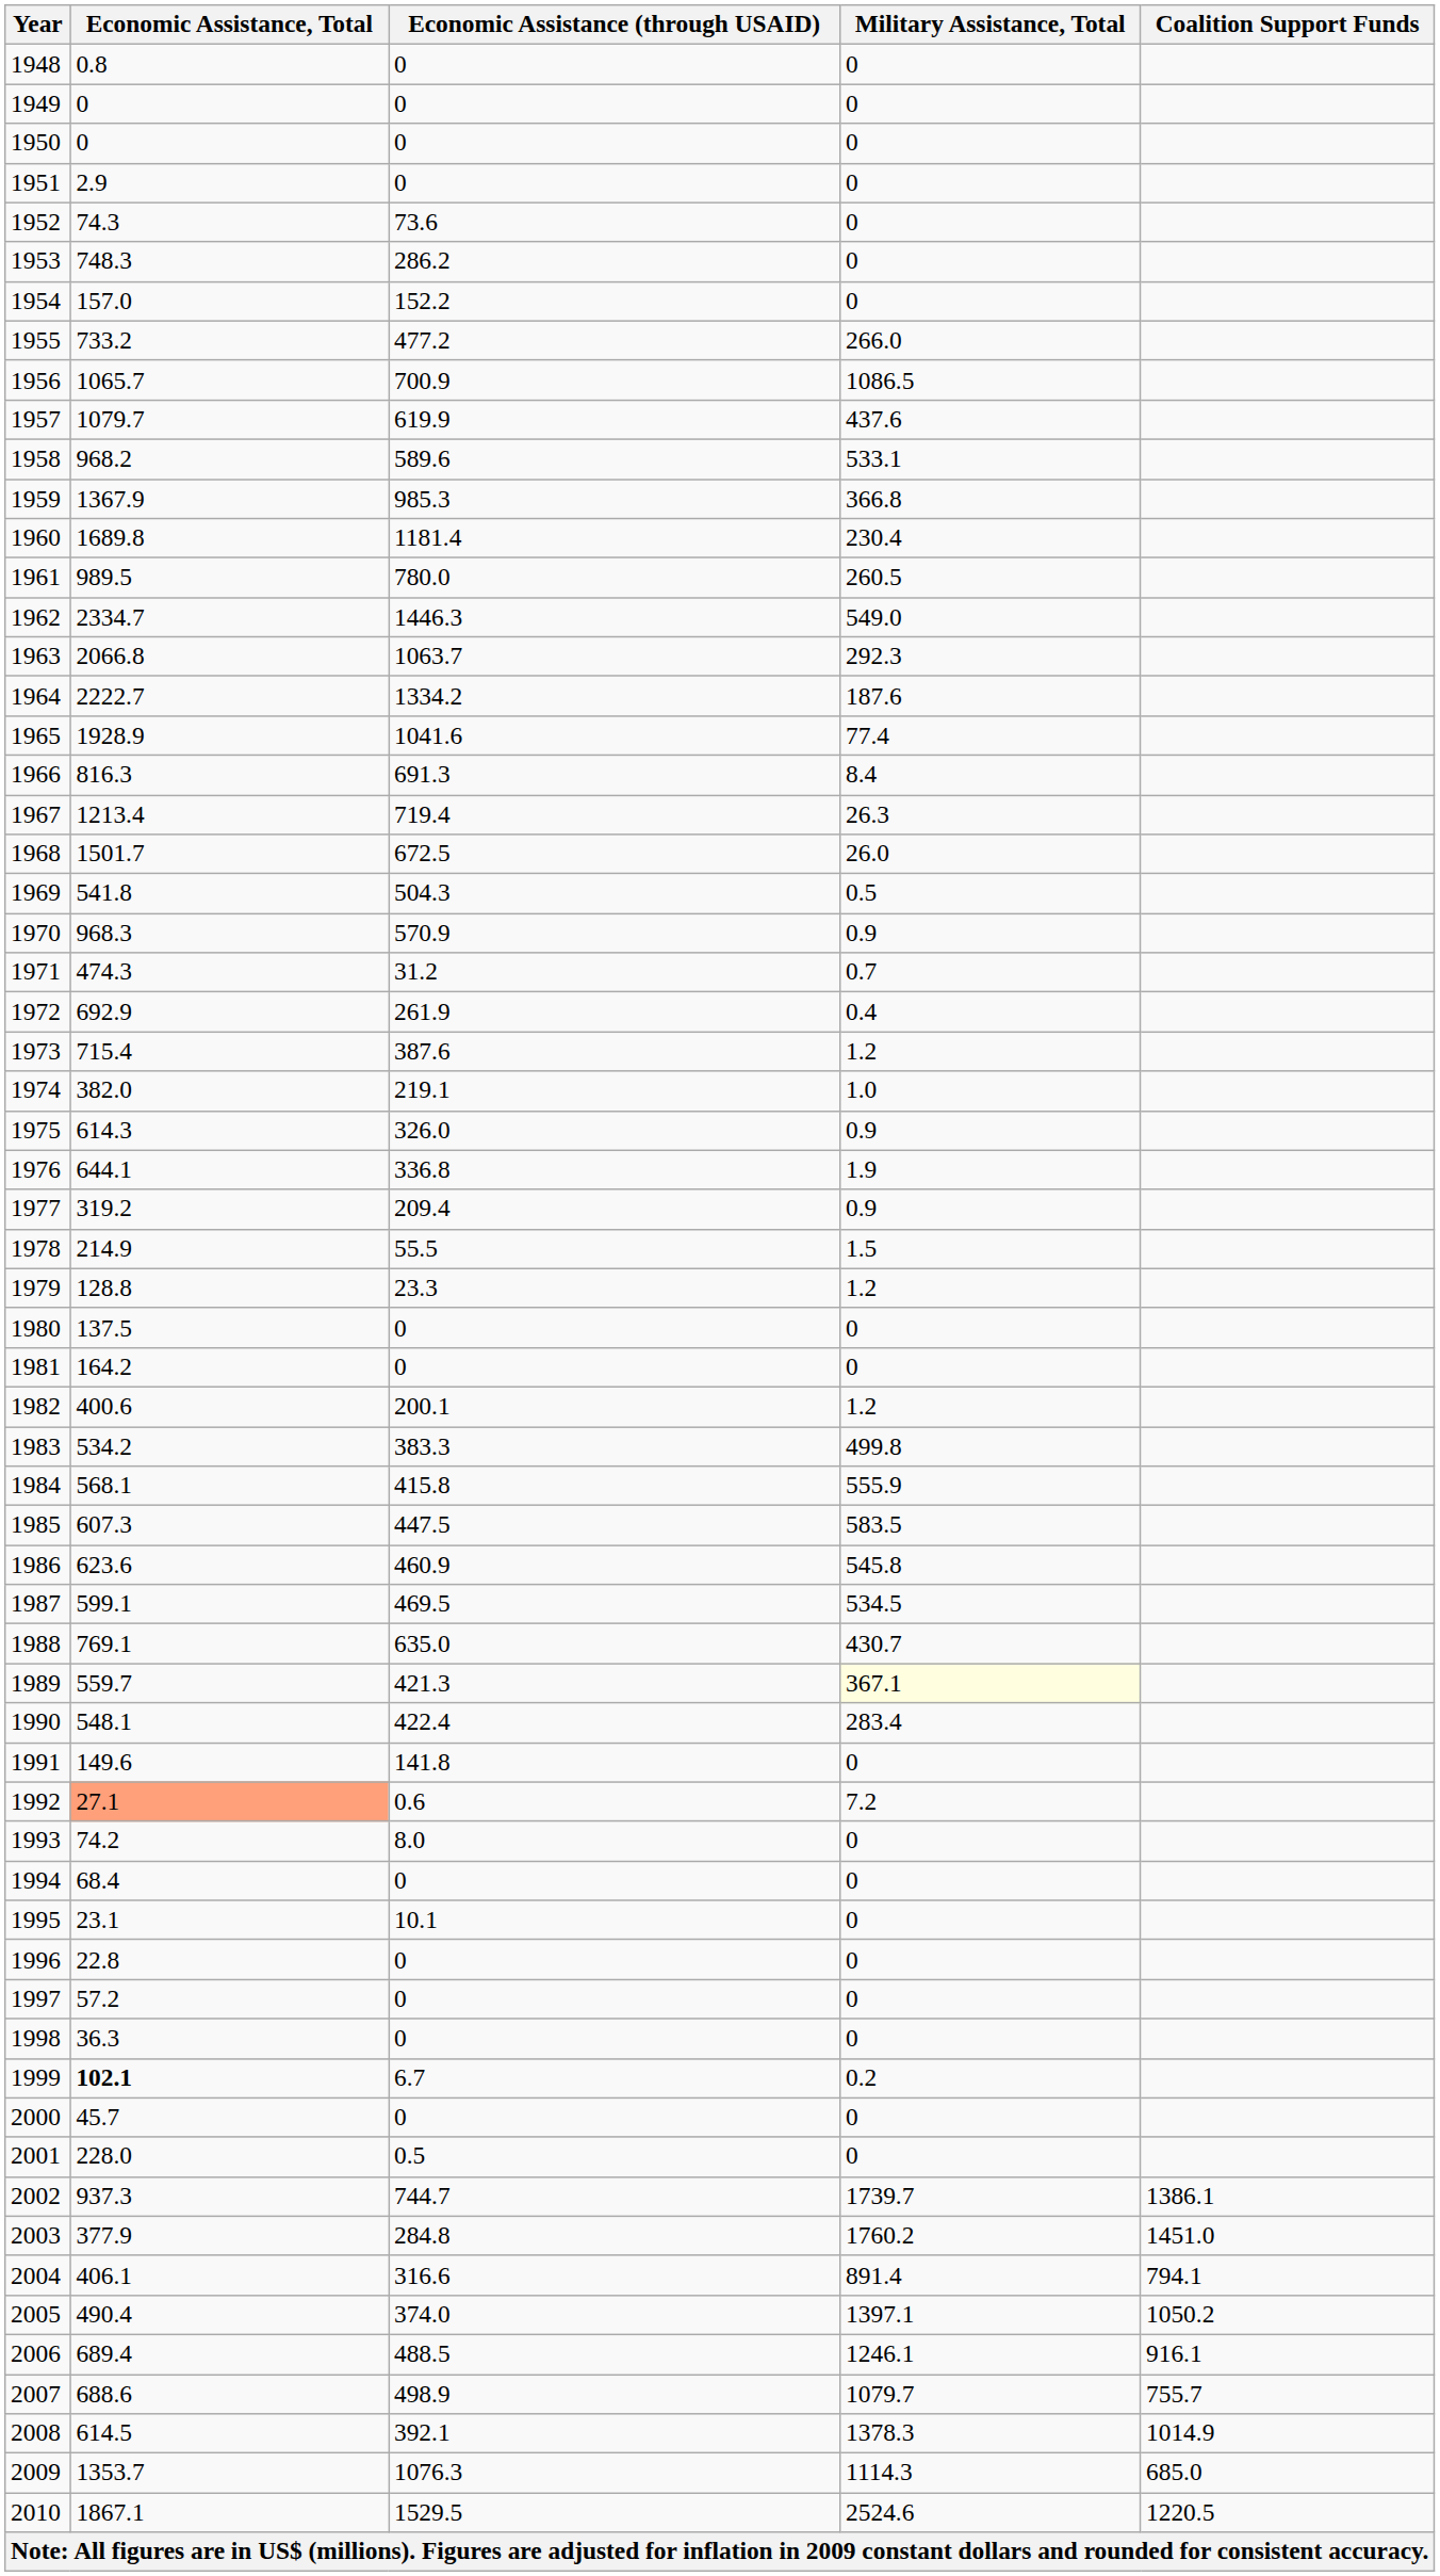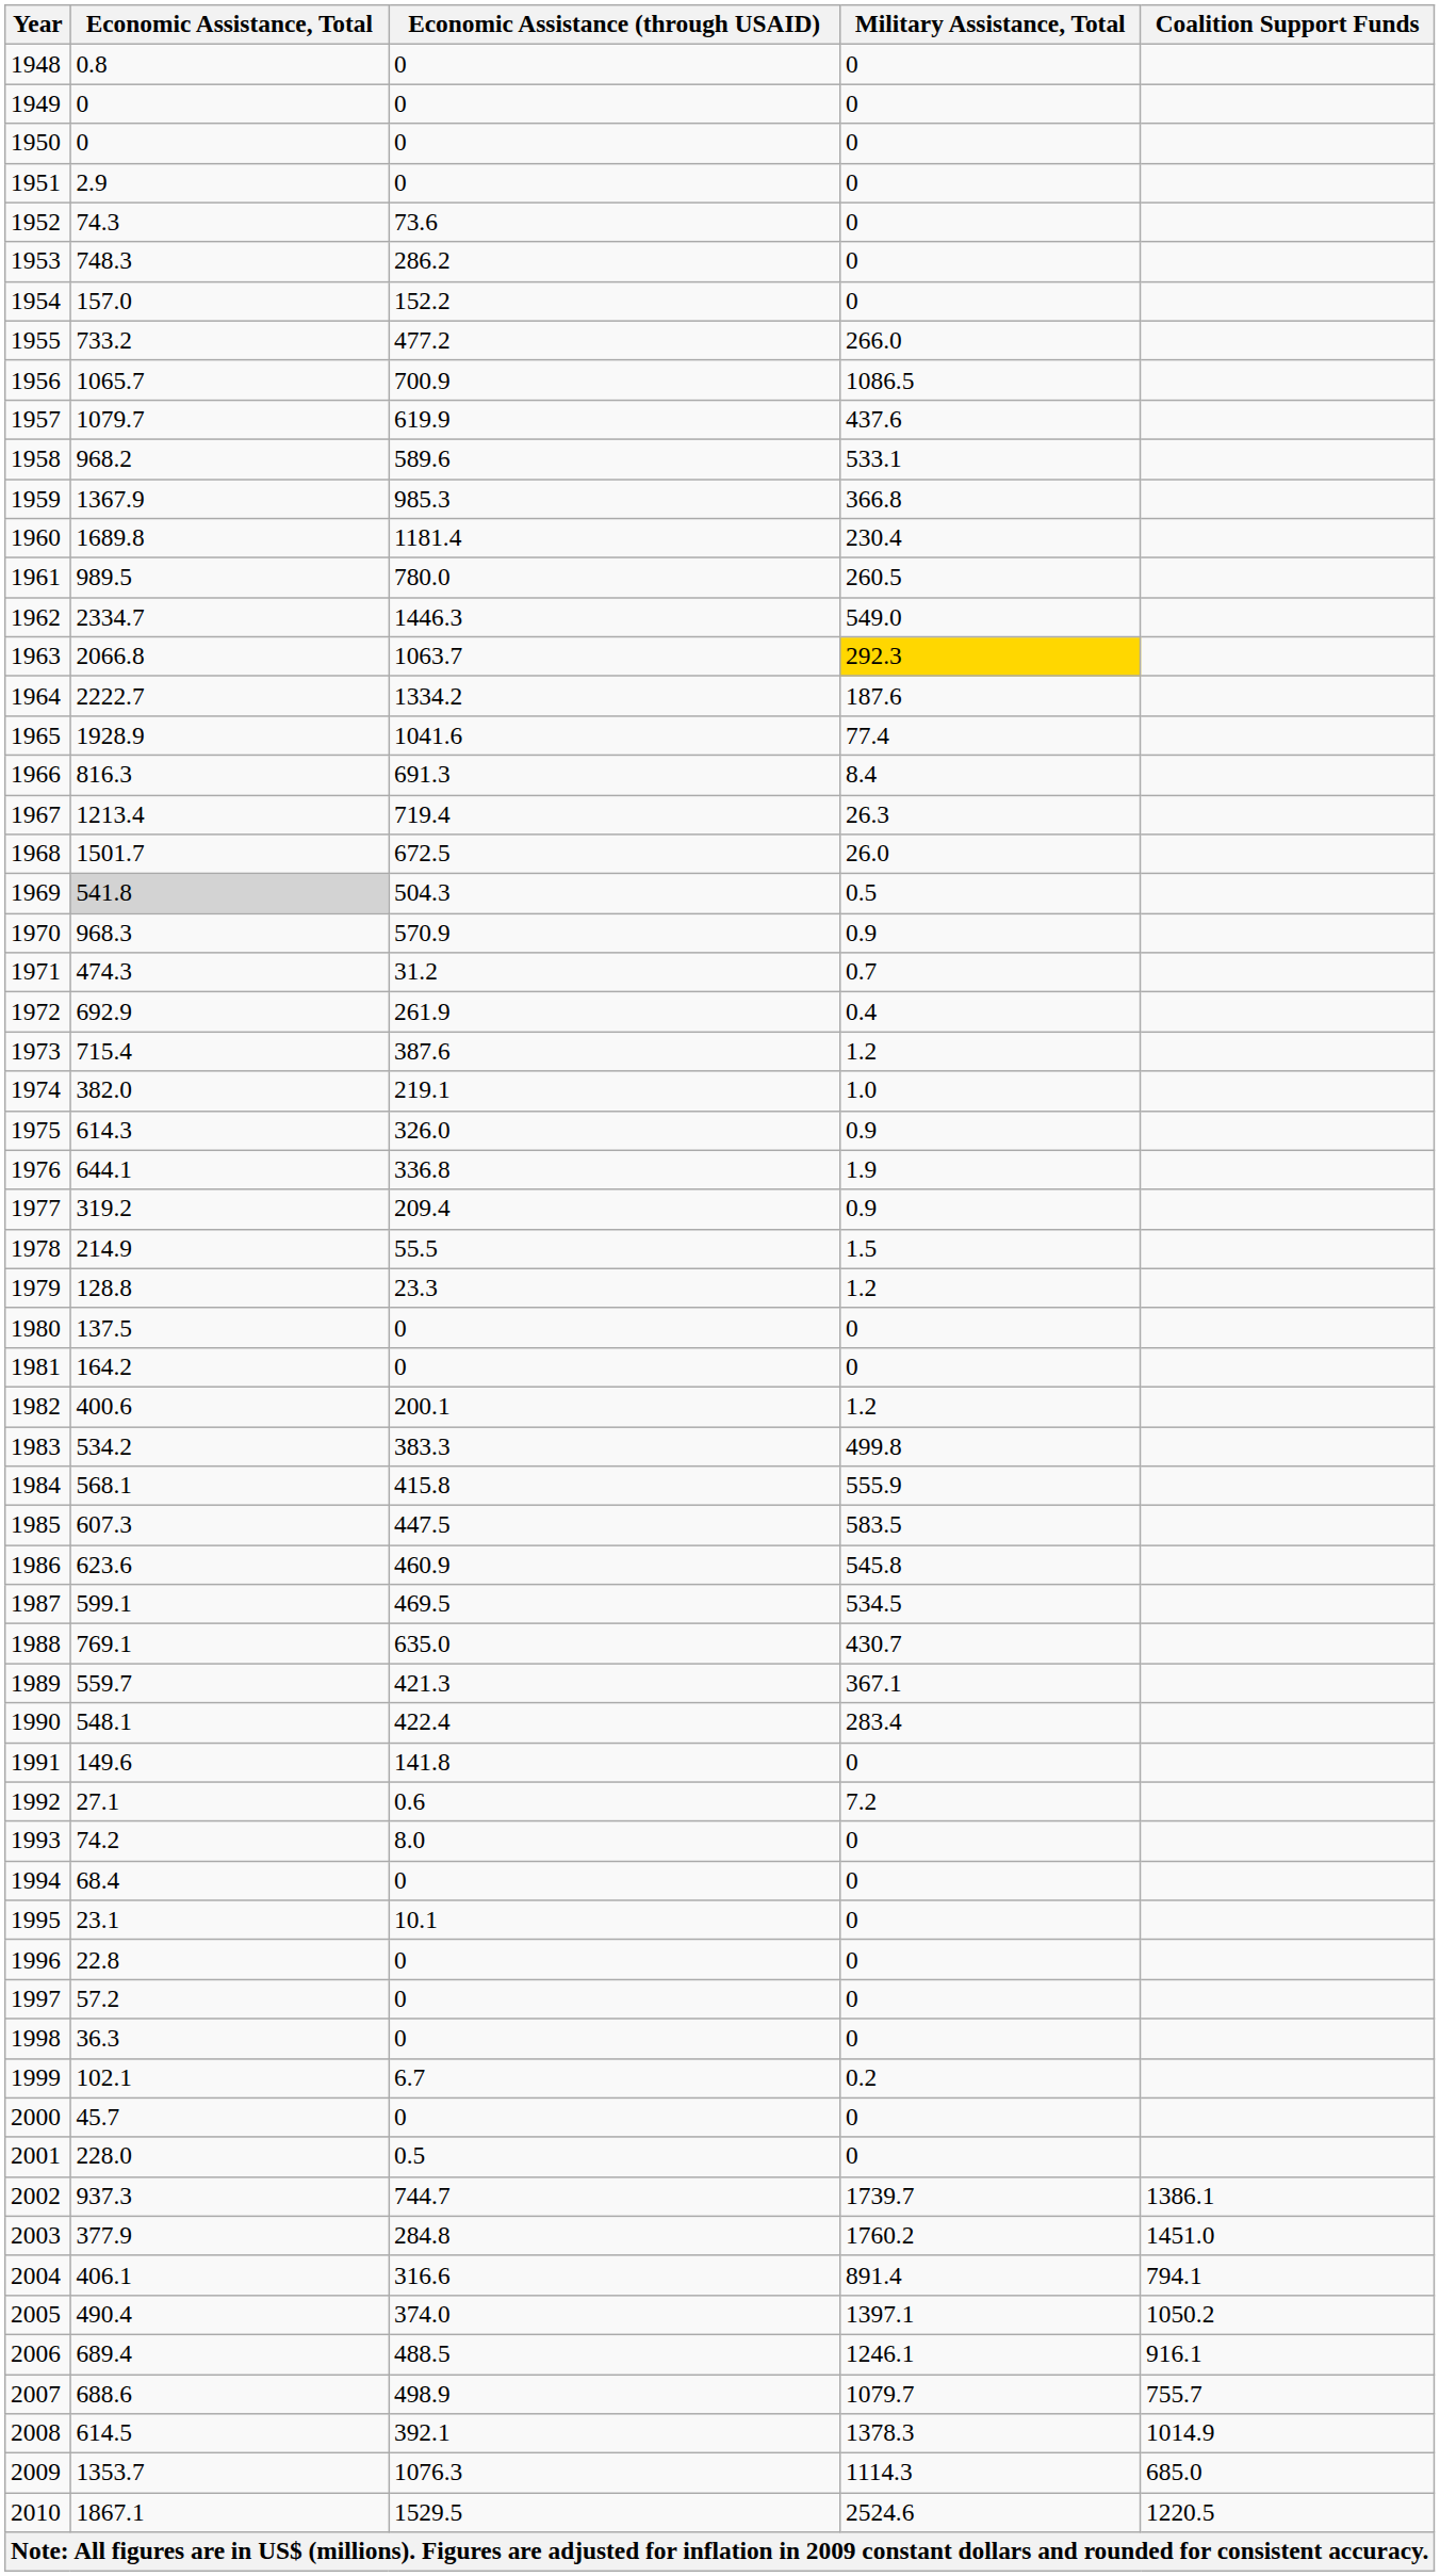 <table class="wikitable sortable">
 <tr>
 <th>Year</th>
 <th>Economic Assistance, Total</th>
 <th>Economic Assistance (through USAID)</th>
 <th>Military Assistance, Total</th>
 <th>Coalition Support Funds</th>
 </tr>
 <tr>
 <td>1948</td>
 <td>0.8</td>
 <td>0</td>
 <td>0</td>
 <td></td>
 </tr>
 <tr>
 <td>1949</td>
 <td>0</td>
 <td>0</td>
 <td>0</td>
 <td></td>
 </tr>
 <tr>
 <td>1950</td>
 <td>0</td>
 <td>0</td>
 <td>0</td>
 <td></td>
 </tr>
 <tr>
 <td>1951</td>
 <td>2.9</td>
 <td>0</td>
 <td>0</td>
 <td></td>
 </tr>
 <tr>
 <td>1952</td>
 <td>74.3</td>
 <td>73.6</td>
 <td>0</td>
 <td></td>
 </tr>
 <tr>
 <td>1953</td>
 <td>748.3</td>
 <td>286.2</td>
 <td>0</td>
 <td></td>
 </tr>
 <tr>
 <td>1954</td>
 <td>157.0</td>
 <td>152.2</td>
 <td>0</td>
 <td></td>
 </tr>
 <tr>
 <td>1955</td>
 <td>733.2</td>
 <td>477.2</td>
 <td>266.0</td>
 <td></td>
 </tr>
 <tr>
 <td>1956</td>
 <td>1065.7</td>
 <td>700.9</td>
 <td>1086.5</td>
 <td></td>
 </tr>
 <tr>
 <td>1957</td>
 <td>1079.7</td>
 <td>619.9</td>
 <td>437.6</td>
 <td></td>
 </tr>
 <tr>
 <td>1958</td>
 <td>968.2</td>
 <td>589.6</td>
 <td>533.1</td>
 <td></td>
 </tr>
 <tr>
 <td>1959</td>
 <td>1367.9</td>
 <td>985.3</td>
 <td>366.8</td>
 <td></td>
 </tr>
 <tr>
 <td>1960</td>
 <td>1689.8</td>
 <td>1181.4</td>
 <td>230.4</td>
 <td></td>
 </tr>
 <tr>
 <td>1961</td>
 <td>989.5</td>
 <td>780.0</td>
 <td>260.5</td>
 <td></td>
 </tr>
 <tr>
 <td>1962</td>
 <td>2334.7</td>
 <td>1446.3</td>
 <td>549.0</td>
 <td></td>
 </tr>
 <tr>
 <td>1963</td>
 <td>2066.8</td>
 <td>1063.7</td>
-<td>292.3</td>
+<td style="background: gold;">292.3</td>
 <td></td>
 </tr>
 <tr>
 <td>1964</td>
 <td>2222.7</td>
 <td>1334.2</td>
 <td>187.6</td>
 <td></td>
 </tr>
 <tr>
 <td>1965</td>
 <td>1928.9</td>
 <td>1041.6</td>
 <td>77.4</td>
 <td></td>
 </tr>
 <tr>
 <td>1966</td>
 <td>816.3</td>
 <td>691.3</td>
 <td>8.4</td>
 <td></td>
 </tr>
 <tr>
 <td>1967</td>
 <td>1213.4</td>
 <td>719.4</td>
 <td>26.3</td>
 <td></td>
 </tr>
 <tr>
 <td>1968</td>
 <td>1501.7</td>
 <td>672.5</td>
 <td>26.0</td>
 <td></td>
 </tr>
 <tr>
 <td>1969</td>
-<td>541.8</td>
+<td style="background: lightgrey;">541.8</td>
 <td>504.3</td>
 <td>0.5</td>
 <td></td>
 </tr>
 <tr>
 <td>1970</td>
 <td>968.3</td>
 <td>570.9</td>
 <td>0.9</td>
 <td></td>
 </tr>
 <tr>
 <td>1971</td>
 <td>474.3</td>
 <td>31.2</td>
 <td>0.7</td>
 <td></td>
 </tr>
 <tr>
 <td>1972</td>
 <td>692.9</td>
 <td>261.9</td>
 <td>0.4</td>
 <td></td>
 </tr>
 <tr>
 <td>1973</td>
 <td>715.4</td>
 <td>387.6</td>
 <td>1.2</td>
 <td></td>
 </tr>
 <tr>
 <td>1974</td>
 <td>382.0</td>
 <td>219.1</td>
 <td>1.0</td>
 <td></td>
 </tr>
 <tr>
 <td>1975</td>
 <td>614.3</td>
 <td>326.0</td>
 <td>0.9</td>
 <td></td>
 </tr>
 <tr>
 <td>1976</td>
 <td>644.1</td>
 <td>336.8</td>
 <td>1.9</td>
 <td></td>
 </tr>
 <tr>
 <td>1977</td>
 <td>319.2</td>
 <td>209.4</td>
 <td>0.9</td>
 <td></td>
 </tr>
 <tr>
 <td>1978</td>
 <td>214.9</td>
 <td>55.5</td>
 <td>1.5</td>
 <td></td>
 </tr>
 <tr>
 <td>1979</td>
 <td>128.8</td>
 <td>23.3</td>
 <td>1.2</td>
 <td></td>
 </tr>
 <tr>
 <td>1980</td>
 <td>137.5</td>
 <td>0</td>
 <td>0</td>
 <td></td>
 </tr>
 <tr>
 <td>1981</td>
 <td>164.2</td>
 <td>0</td>
 <td>0</td>
 <td></td>
 </tr>
 <tr>
 <td>1982</td>
 <td>400.6</td>
 <td>200.1</td>
 <td>1.2</td>
 <td></td>
 </tr>
 <tr>
 <td>1983</td>
 <td>534.2</td>
 <td>383.3</td>
 <td>499.8</td>
 <td></td>
 </tr>
 <tr>
 <td>1984</td>
 <td>568.1</td>
 <td>415.8</td>
 <td>555.9</td>
 <td></td>
 </tr>
 <tr>
 <td>1985</td>
 <td>607.3</td>
 <td>447.5</td>
 <td>583.5</td>
 <td></td>
 </tr>
 <tr>
 <td>1986</td>
 <td>623.6</td>
 <td>460.9</td>
 <td>545.8</td>
 <td></td>
 </tr>
 <tr>
 <td>1987</td>
 <td>599.1</td>
 <td>469.5</td>
 <td>534.5</td>
 <td></td>
 </tr>
 <tr>
 <td>1988</td>
 <td>769.1</td>
 <td>635.0</td>
 <td>430.7</td>
 <td></td>
 </tr>
 <tr>
 <td>1989</td>
 <td>559.7</td>
 <td>421.3</td>
-<td style="background: lightyellow;">367.1</td>
+<td>367.1</td>
 <td></td>
 </tr>
 <tr>
 <td>1990</td>
 <td>548.1</td>
 <td>422.4</td>
 <td>283.4</td>
 <td></td>
 </tr>
 <tr>
 <td>1991</td>
 <td>149.6</td>
 <td>141.8</td>
 <td>0</td>
 <td></td>
 </tr>
 <tr>
 <td>1992</td>
-<td style="background: lightsalmon;">27.1</td>
+<td>27.1</td>
 <td>0.6</td>
 <td>7.2</td>
 <td></td>
 </tr>
 <tr>
 <td>1993</td>
 <td>74.2</td>
 <td>8.0</td>
 <td>0</td>
 <td></td>
 </tr>
 <tr>
 <td>1994</td>
 <td>68.4</td>
 <td>0</td>
 <td>0</td>
 <td></td>
 </tr>
 <tr>
 <td>1995</td>
 <td>23.1</td>
 <td>10.1</td>
 <td>0</td>
 <td></td>
 </tr>
 <tr>
 <td>1996</td>
 <td>22.8</td>
 <td>0</td>
 <td>0</td>
 <td></td>
 </tr>
 <tr>
 <td>1997</td>
 <td>57.2</td>
 <td>0</td>
 <td>0</td>
 <td></td>
 </tr>
 <tr>
 <td>1998</td>
 <td>36.3</td>
 <td>0</td>
 <td>0</td>
 <td></td>
 </tr>
 <tr>
 <td>1999</td>
-<td><strong>102.1</strong></td>
+<td>102.1</td>
 <td>6.7</td>
 <td>0.2</td>
 <td></td>
 </tr>
 <tr>
 <td>2000</td>
 <td>45.7</td>
 <td>0</td>
 <td>0</td>
 <td></td>
 </tr>
 <tr>
 <td>2001</td>
 <td>228.0</td>
 <td>0.5</td>
 <td>0</td>
 <td></td>
 </tr>
 <tr>
 <td>2002</td>
 <td>937.3</td>
 <td>744.7</td>
 <td>1739.7</td>
 <td>1386.1</td>
 </tr>
 <tr>
 <td>2003</td>
 <td>377.9</td>
 <td>284.8</td>
 <td>1760.2</td>
 <td>1451.0</td>
 </tr>
 <tr>
 <td>2004</td>
 <td>406.1</td>
 <td>316.6</td>
 <td>891.4</td>
 <td>794.1</td>
 </tr>
 <tr>
 <td>2005</td>
 <td>490.4</td>
 <td>374.0</td>
 <td>1397.1</td>
 <td>1050.2</td>
 </tr>
 <tr>
 <td>2006</td>
 <td>689.4</td>
 <td>488.5</td>
 <td>1246.1</td>
 <td>916.1</td>
 </tr>
 <tr>
 <td>2007</td>
 <td>688.6</td>
 <td>498.9</td>
 <td>1079.7</td>
 <td>755.7</td>
 </tr>
 <tr>
 <td>2008</td>
 <td>614.5</td>
 <td>392.1</td>
 <td>1378.3</td>
 <td>1014.9</td>
 </tr>
 <tr>
 <td>2009</td>
 <td>1353.7</td>
 <td>1076.3</td>
 <td>1114.3</td>
 <td>685.0</td>
 </tr>
 <tr>
 <td>2010</td>
 <td>1867.1</td>
 <td>1529.5</td>
 <td>2524.6</td>
 <td>1220.5</td>
 </tr>
 <tr>
 <th colspan="5">Note: All figures are in US$ (millions). Figures are adjusted for inflation in 2009 constant dollars and rounded for consistent accuracy.</th>
 </tr>
 </table>
